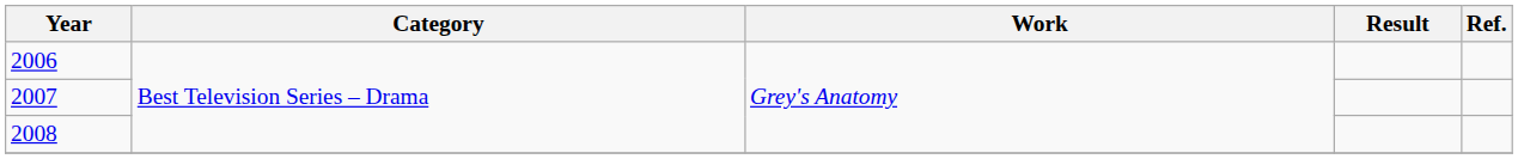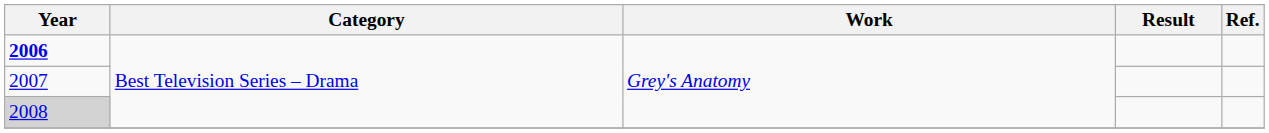 <table class=wikitable>
 <tr>
 <th scope="col" style="width:5em;">Year</th>
 <th scope="col" style="width:26em;">Category</th>
 <th scope="col" style="width:25em;">Work</th>
 <th scope="col" style="width:5em;">Result</th>
 <th>Ref.</th>
 </tr>
 <tr>
-<td><a href='#'>2006</a></td>
+<td><strong><a href='#'>2006</a></strong></td>
 <td rowspan="3"><a href='#'>Best Television Series – Drama</a></td>
 <td rowspan="3"><em><a href='#'>Grey's Anatomy</a></em></td>
 <td></td>
 <td></td>
 </tr>
 <tr>
 <td><a href='#'>2007</a></td>
 <td></td>
 <td></td>
 </tr>
 <tr>
-<td><a href='#'>2008</a></td>
+<td style="background: lightgrey;"><a href='#'>2008</a></td>
 <td></td>
 <td></td>
 </tr>
 <tr>
 </tr>
 </table>
